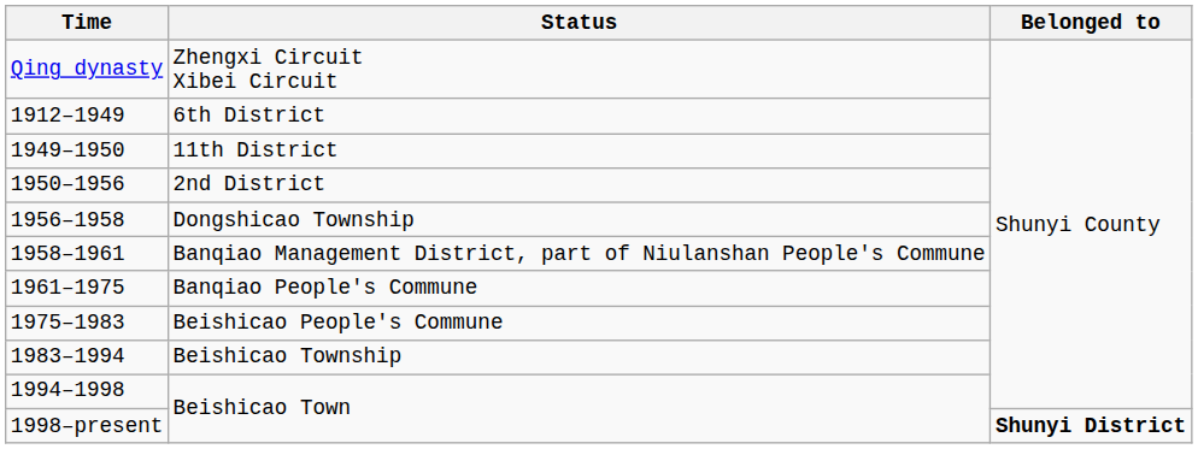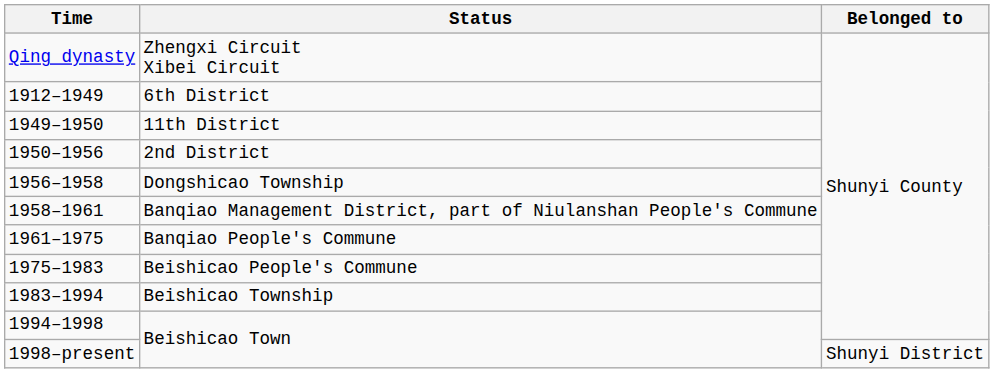 <table class="wikitable">
 <tr>
 <th>Time</th>
 <th>Status</th>
 <th>Belonged to</th>
 </tr>
 <tr>
 <td><a href='#'>Qing dynasty</a></td>
 <td>Zhengxi Circuit<br>Xibei Circuit</td>
 <td rowspan="10">Shunyi County</td>
 </tr>
 <tr>
 <td>1912–1949</td>
 <td>6th District</td>
 </tr>
 <tr>
 <td>1949–1950</td>
 <td>11th District</td>
 </tr>
 <tr>
 <td>1950–1956</td>
 <td>2nd District</td>
 </tr>
 <tr>
 <td>1956–1958</td>
 <td>Dongshicao Township</td>
 </tr>
 <tr>
 <td>1958–1961</td>
 <td>Banqiao Management District, part of Niulanshan People's Commune</td>
 </tr>
 <tr>
 <td>1961–1975</td>
 <td>Banqiao People's Commune</td>
 </tr>
 <tr>
 <td>1975–1983</td>
 <td>Beishicao People's Commune</td>
 </tr>
 <tr>
 <td>1983–1994</td>
 <td>Beishicao Township</td>
 </tr>
 <tr>
 <td>1994–1998</td>
 <td rowspan="2">Beishicao Town</td>
 </tr>
 <tr>
 <td>1998–present</td>
-<td><strong>Shunyi District</strong></td>
+<td>Shunyi District</td>
 </tr>
 </table>
